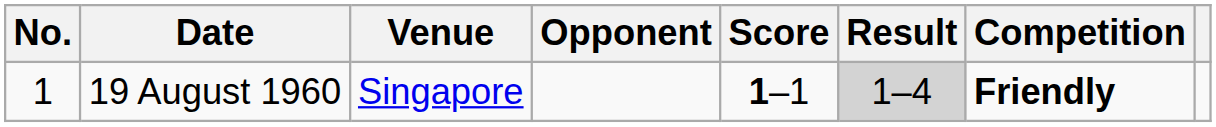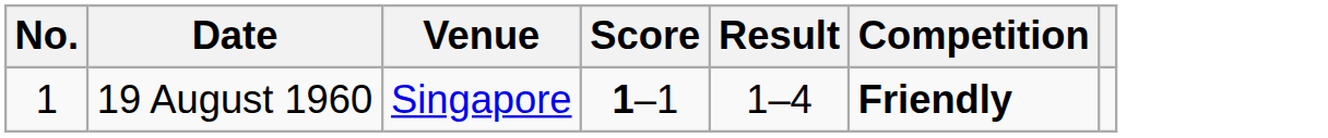 <table class="wikitable plainrowheaders sortable">
 <tr>
 <th scope="col">No.</th>
 <th scope="col">Date</th>
 <th scope="col">Venue</th>
-<th scope="col">Opponent</th>
 <th scope="col">Score</th>
 <th scope="col">Result</th>
 <th scope="col">Competition</th>
 <th scope="col" class="unsortable"></th>
 </tr>
 <tr>
 <td align="center">1</td>
 <td>19 August 1960</td>
 <td><a href='#'>Singapore</a></td>
-<td></td>
 <td align="center"><strong>1</strong>–1</td>
-<td align="center" style="background: lightgrey;">1–4</td>
+<td align="center">1–4</td>
 <td><strong>Friendly</strong></td>
 <td></td>
 </tr>
 </table>
